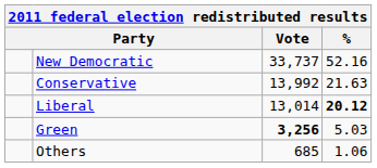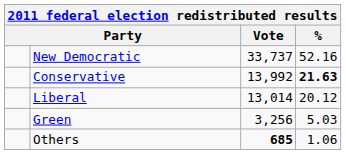 <table class="wikitable">
 <tr>
 <th colspan="4"><a href='#'>2011 federal election</a> redistributed results</th>
 </tr>
 <tr>
 <th bgcolor="#DDDDFF" width="130px" colspan="2">Party</th>
 <th bgcolor="#DDDDFF" width="50px">Vote</th>
 <th bgcolor="#DDDDFF" width="30px">%</th>
 </tr>
 <tr>
 <td> </td>
 <td><a href='#'>New Democratic</a></td>
 <td align=right>33,737</td>
 <td align=right>52.16</td>
 </tr>
 <tr>
 <td> </td>
 <td><a href='#'>Conservative</a></td>
 <td align=right>13,992</td>
-<td align=right>21.63</td>
+<td align=right><strong>21.63</strong></td>
 </tr>
 <tr>
 <td> </td>
 <td><a href='#'>Liberal</a></td>
 <td align=right>13,014</td>
-<td align=right><strong>20.12</strong></td>
+<td align=right>20.12</td>
 </tr>
 <tr>
 <td> </td>
 <td><a href='#'>Green</a></td>
-<td align=right><strong>3,256</strong></td>
+<td align=right>3,256</td>
 <td align=right>5.03</td>
 </tr>
 <tr>
 <td> </td>
 <td>Others</td>
-<td align=right>685</td>
+<td align=right><strong>685</strong></td>
 <td align=right>1.06</td>
 </tr>
 </table>
